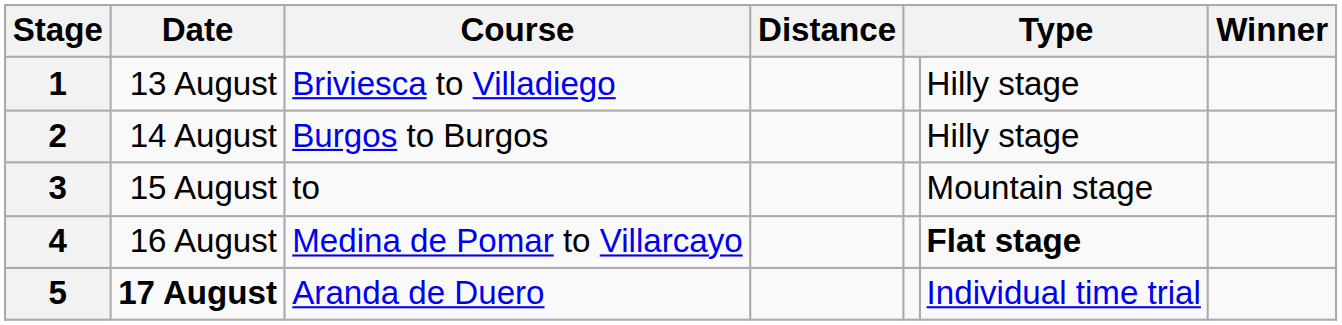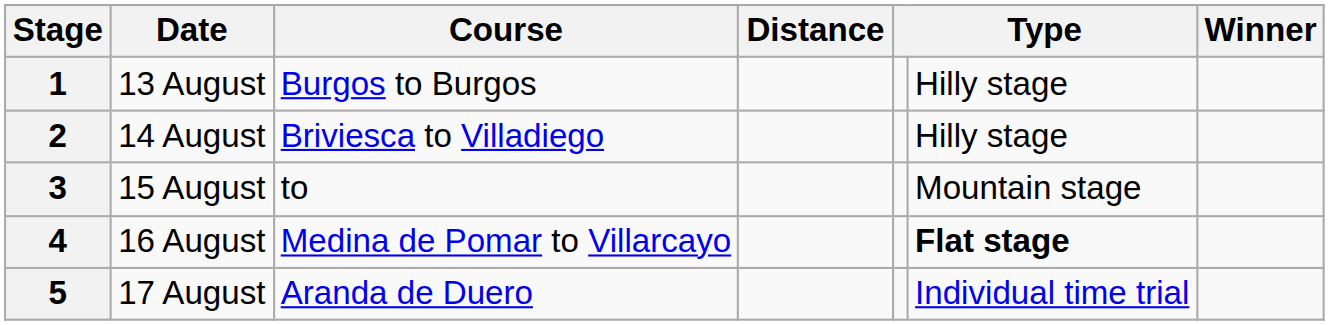 <table class="wikitable">
 <tr>
 <th scope="col">Stage</th>
 <th scope="col">Date</th>
 <th scope="col">Course</th>
 <th scope="col">Distance</th>
 <th scope="col" colspan="2">Type</th>
 <th scope="col">Winner</th>
 </tr>
 <tr>
 <th>1</th>
 <td align=right>13 August</td>
-<td><a href='#'>Briviesca</a> to <a href='#'>Villadiego</a></td>
+<td><a href='#'>Burgos</a> to Burgos</td>
 <td style="text-align:center;"></td>
 <td></td>
 <td>Hilly stage</td>
 <td></td>
 </tr>
 <tr>
 <th>2</th>
 <td align=right>14 August</td>
-<td><a href='#'>Burgos</a> to Burgos</td>
+<td><a href='#'>Briviesca</a> to <a href='#'>Villadiego</a></td>
 <td style="text-align:center;"></td>
 <td></td>
 <td>Hilly stage</td>
 <td></td>
 </tr>
 <tr>
 <th>3</th>
 <td align=right>15 August</td>
 <td> to </td>
 <td style="text-align:center;"></td>
 <td></td>
 <td>Mountain stage</td>
 <td></td>
 </tr>
 <tr>
 <th>4</th>
 <td align=right>16 August</td>
 <td><a href='#'>Medina de Pomar</a> to <a href='#'>Villarcayo</a></td>
 <td style="text-align:center;"></td>
 <td></td>
 <td><strong>Flat stage</strong></td>
 <td></td>
 </tr>
 <tr>
 <th>5</th>
-<td align=right><strong>17 August</strong></td>
+<td align=right>17 August</td>
 <td><a href='#'>Aranda de Duero</a></td>
 <td style="text-align:center;"></td>
 <td></td>
 <td><a href='#'>Individual time trial</a></td>
 <td></td>
 </tr>
 </table>
